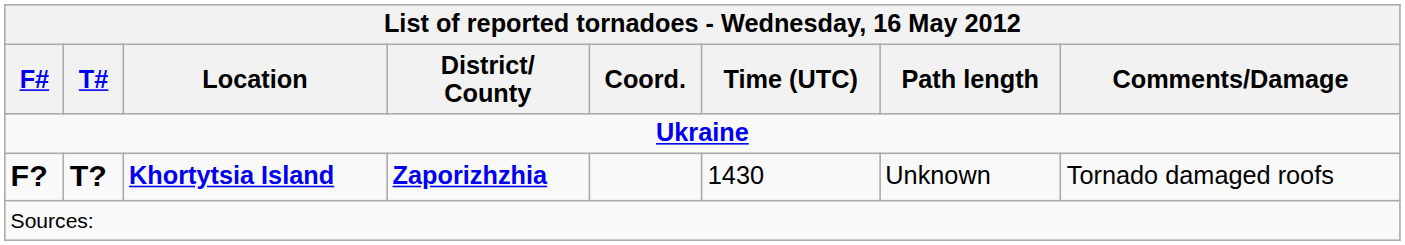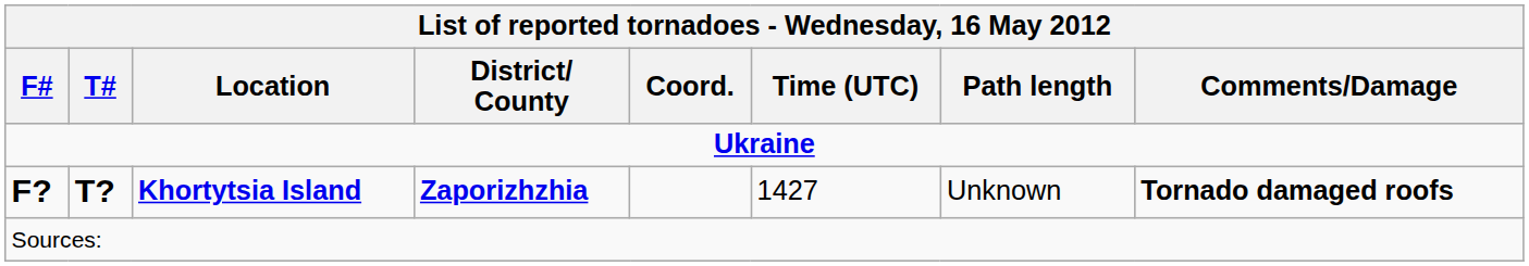 <table class="wikitable collapsible" width="100%">
 <tr>
 <th colspan="8">List of reported tornadoes - Wednesday, 16 May 2012</th>
 </tr>
 <tr>
 <th><a href='#'>F#</a></th>
 <th><a href='#'>T#</a></th>
 <th>Location</th>
 <th>District/<br>County</th>
 <th>Coord.</th>
 <th>Time (UTC)</th>
 <th>Path length</th>
 <th>Comments/Damage</th>
 </tr>
 <tr>
 <td colspan="8" align=center><strong><a href='#'>Ukraine</a></strong></td>
 </tr>
 <tr>
 <td><big><strong>F?</strong></big></td>
 <td><big><strong>T?</strong></big></td>
 <td><strong><a href='#'>Khortytsia Island</a></strong></td>
 <td><strong><a href='#'>Zaporizhzhia</a></strong></td>
 <td></td>
-<td>1430</td>
+<td>1427</td>
 <td>Unknown</td>
-<td>Tornado damaged roofs</td>
+<td><strong>Tornado damaged roofs</strong></td>
 </tr>
 <tr>
 <td colspan="8"><small>Sources:  </small></td>
 </tr>
 </table>
